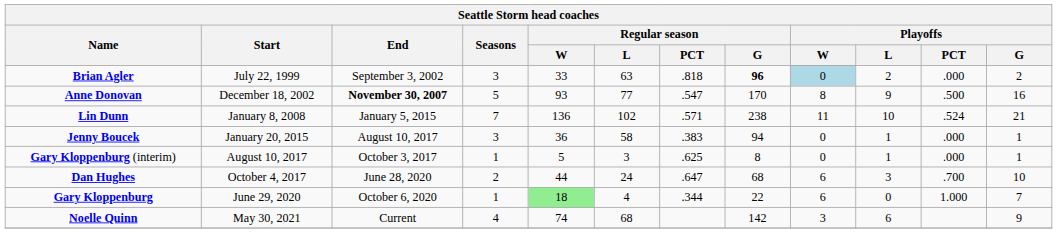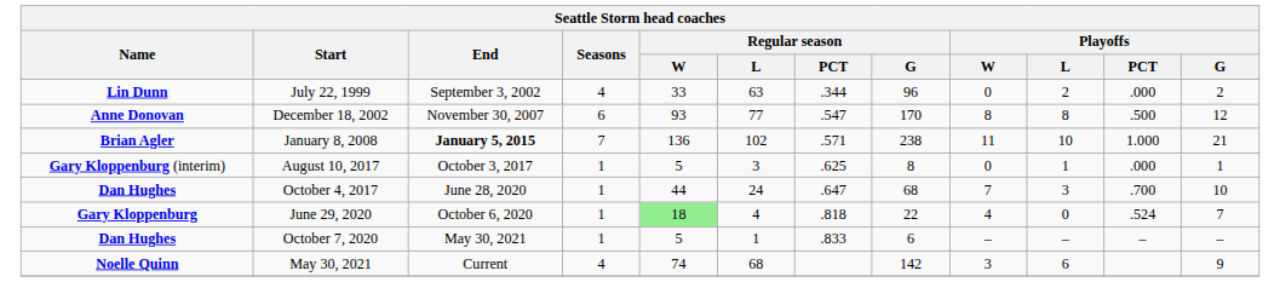 <table class="wikitable" style="clear:both; margin:1.5em auto; min-width:90%; font-size:88%; text-align:center;">
 <tr>
 <th colspan=12>Seattle Storm head coaches</th>
 </tr>
 <tr>
 <th width="15%" rowspan=2>Name</th>
 <th width="10%" rowspan=2>Start</th>
 <th width="10%" rowspan=2>End</th>
 <th width="5%" rowspan=2>Seasons</th>
 <th width="20%" colspan=4>Regular season</th>
 <th width="20%" colspan=4>Playoffs</th>
 </tr>
 <tr>
 <th>W</th>
 <th>L</th>
 <th>PCT</th>
 <th>G</th>
 <th>W</th>
 <th>L</th>
 <th>PCT</th>
 <th>G</th>
 </tr>
 <tr>
-<td><strong><a href='#'>Brian Agler</a></strong></td>
+<td><strong><a href='#'>Lin Dunn</a></strong></td>
 <td>July 22, 1999</td>
 <td>September 3, 2002</td>
-<td>3</td>
+<td>4</td>
 <td width="5%">33</td>
 <td width="5%">63</td>
-<td>.818</td>
-<td width="5%"><strong>96</strong></td>
-<td width="5%" style="background: lightblue;">0</td>
+<td width="5%">.344</td>
+<td width="5%">96</td>
+<td width="5%">0</td>
 <td width="5%">2</td>
 <td width="5%">.000</td>
 <td width="5%">2</td>
 </tr>
 <tr>
 <td><strong><a href='#'>Anne Donovan</a></strong></td>
 <td>December 18, 2002</td>
-<td><strong>November 30, 2007</strong></td>
-<td>5</td>
+<td>November 30, 2007</td>
+<td>6</td>
 <td width="5%">93</td>
 <td width="5%">77</td>
 <td width="5%">.547</td>
 <td width="5%">170</td>
 <td width="5%">8</td>
-<td width="5%">9</td>
+<td width="5%">8</td>
 <td width="5%">.500</td>
-<td width="5%">16</td>
+<td width="5%">12</td>
 </tr>
 <tr>
-<td><strong><a href='#'>Lin Dunn</a></strong></td>
+<td><strong><a href='#'>Brian Agler</a></strong></td>
 <td>January 8, 2008</td>
-<td>January 5, 2015</td>
+<td><strong>January 5, 2015</strong></td>
 <td>7</td>
 <td width="5%">136</td>
 <td width="5%">102</td>
 <td width="5%">.571</td>
 <td width="5%">238</td>
 <td width="5%">11</td>
 <td width="5%">10</td>
-<td width="5%">.524</td>
+<td>1.000</td>
 <td width="5%">21</td>
-</tr>
-<tr>
-<td><strong><a href='#'>Jenny Boucek</a></strong></td>
-<td>January 20, 2015</td>
-<td>August 10, 2017</td>
-<td>3</td>
-<td width="5%">36</td>
-<td width="5%">58</td>
-<td width="5%">.383</td>
-<td width="5%">94</td>
-<td width="5%">0</td>
-<td width="5%">1</td>
-<td width="5%">.000</td>
-<td width="5%">1</td>
 </tr>
 <tr>
 <td><strong><a href='#'>Gary Kloppenburg</a></strong> (interim)</td>
 <td>August 10, 2017</td>
 <td>October 3, 2017</td>
 <td>1</td>
 <td width="5%">5</td>
 <td width="5%">3</td>
 <td width="5%">.625</td>
 <td width="5%">8</td>
 <td width="5%">0</td>
 <td width="5%">1</td>
 <td width="5%">.000</td>
 <td width="5%">1</td>
 </tr>
 <tr>
 <td><strong><a href='#'>Dan Hughes</a></strong></td>
 <td>October 4, 2017</td>
 <td>June 28, 2020</td>
-<td>2</td>
+<td>1</td>
 <td width="5%">44</td>
 <td width="5%">24</td>
 <td width="5%">.647</td>
 <td width="5%">68</td>
-<td width="5%">6</td>
+<td width="5%">7</td>
 <td width="5%">3</td>
 <td width="5%">.700</td>
 <td width="5%">10</td>
 </tr>
 <tr>
 <td><strong><a href='#'>Gary Kloppenburg</a></strong></td>
 <td>June 29, 2020</td>
 <td>October 6, 2020</td>
 <td>1</td>
 <td style="background: lightgreen;">18</td>
 <td>4</td>
-<td width="5%">.344</td>
+<td>.818</td>
 <td>22</td>
+<td>4</td>
+<td>0</td>
+<td width="5%">.524</td>
+<td>7</td>
+</tr>
+<tr>
+<td><strong><a href='#'>Dan Hughes</a></strong></td>
+<td>October 7, 2020</td>
+<td>May 30, 2021</td>
+<td>1</td>
+<td>5</td>
+<td>1</td>
+<td>.833</td>
 <td>6</td>
-<td>0</td>
-<td>1.000</td>
-<td>7</td>
+<td>–</td>
+<td>–</td>
+<td>–</td>
+<td>–</td>
 </tr>
 <tr>
 <td><strong><a href='#'>Noelle Quinn</a></strong></td>
 <td>May 30, 2021</td>
 <td>Current</td>
 <td>4</td>
 <td>74</td>
 <td>68</td>
 <td></td>
 <td>142</td>
 <td>3</td>
 <td>6</td>
 <td></td>
 <td>9</td>
 </tr>
 <tr>
 </tr>
 </table>
